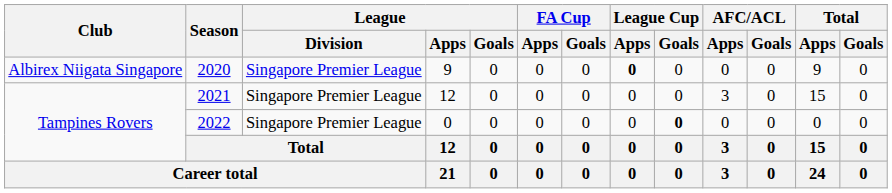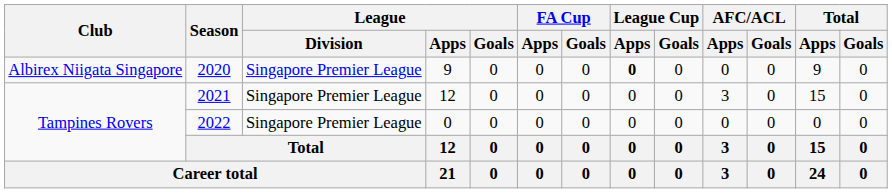 <table class="wikitable" style="text-align: center">
 <tr>
 <th rowspan="2">Club</th>
 <th rowspan="2">Season</th>
 <th colspan="3">League</th>
 <th colspan="2"><a href='#'>FA Cup</a></th>
 <th colspan="2">League Cup</th>
 <th colspan="2">AFC/ACL</th>
 <th colspan="2">Total</th>
 </tr>
 <tr>
 <th>Division</th>
 <th>Apps</th>
 <th>Goals</th>
 <th>Apps</th>
 <th>Goals</th>
 <th>Apps</th>
 <th>Goals</th>
 <th>Apps</th>
 <th>Goals</th>
 <th>Apps</th>
 <th>Goals</th>
 </tr>
 <tr>
 <td><a href='#'>Albirex Niigata Singapore</a></td>
 <td><a href='#'>2020</a></td>
 <td><a href='#'>Singapore Premier League</a></td>
 <td>9</td>
 <td>0</td>
 <td>0</td>
 <td>0</td>
 <td><strong>0</strong></td>
 <td>0</td>
 <td>0</td>
 <td>0</td>
 <td>9</td>
 <td>0</td>
 </tr>
 <tr>
 <td rowspan="3"><a href='#'>Tampines Rovers</a></td>
 <td><a href='#'>2021</a></td>
 <td>Singapore Premier League</td>
 <td>12</td>
 <td>0</td>
 <td>0</td>
 <td>0</td>
 <td>0</td>
 <td>0</td>
 <td>3</td>
 <td>0</td>
 <td>15</td>
 <td>0</td>
 </tr>
 <tr>
 <td><a href='#'>2022</a></td>
 <td>Singapore Premier League</td>
 <td>0</td>
 <td>0</td>
 <td>0</td>
 <td>0</td>
 <td>0</td>
-<td><strong>0</strong></td>
+<td>0</td>
 <td>0</td>
 <td>0</td>
 <td>0</td>
 <td>0</td>
 </tr>
 <tr>
 <th colspan=2>Total</th>
 <th>12</th>
 <th>0</th>
 <th>0</th>
 <th>0</th>
 <th>0</th>
 <th>0</th>
 <th>3</th>
 <th>0</th>
 <th>15</th>
 <th>0</th>
 </tr>
 <tr>
 <th colspan=3>Career total</th>
 <th>21</th>
 <th>0</th>
 <th>0</th>
 <th>0</th>
 <th>0</th>
 <th>0</th>
 <th>3</th>
 <th>0</th>
 <th>24</th>
 <th>0</th>
 </tr>
 </table>
